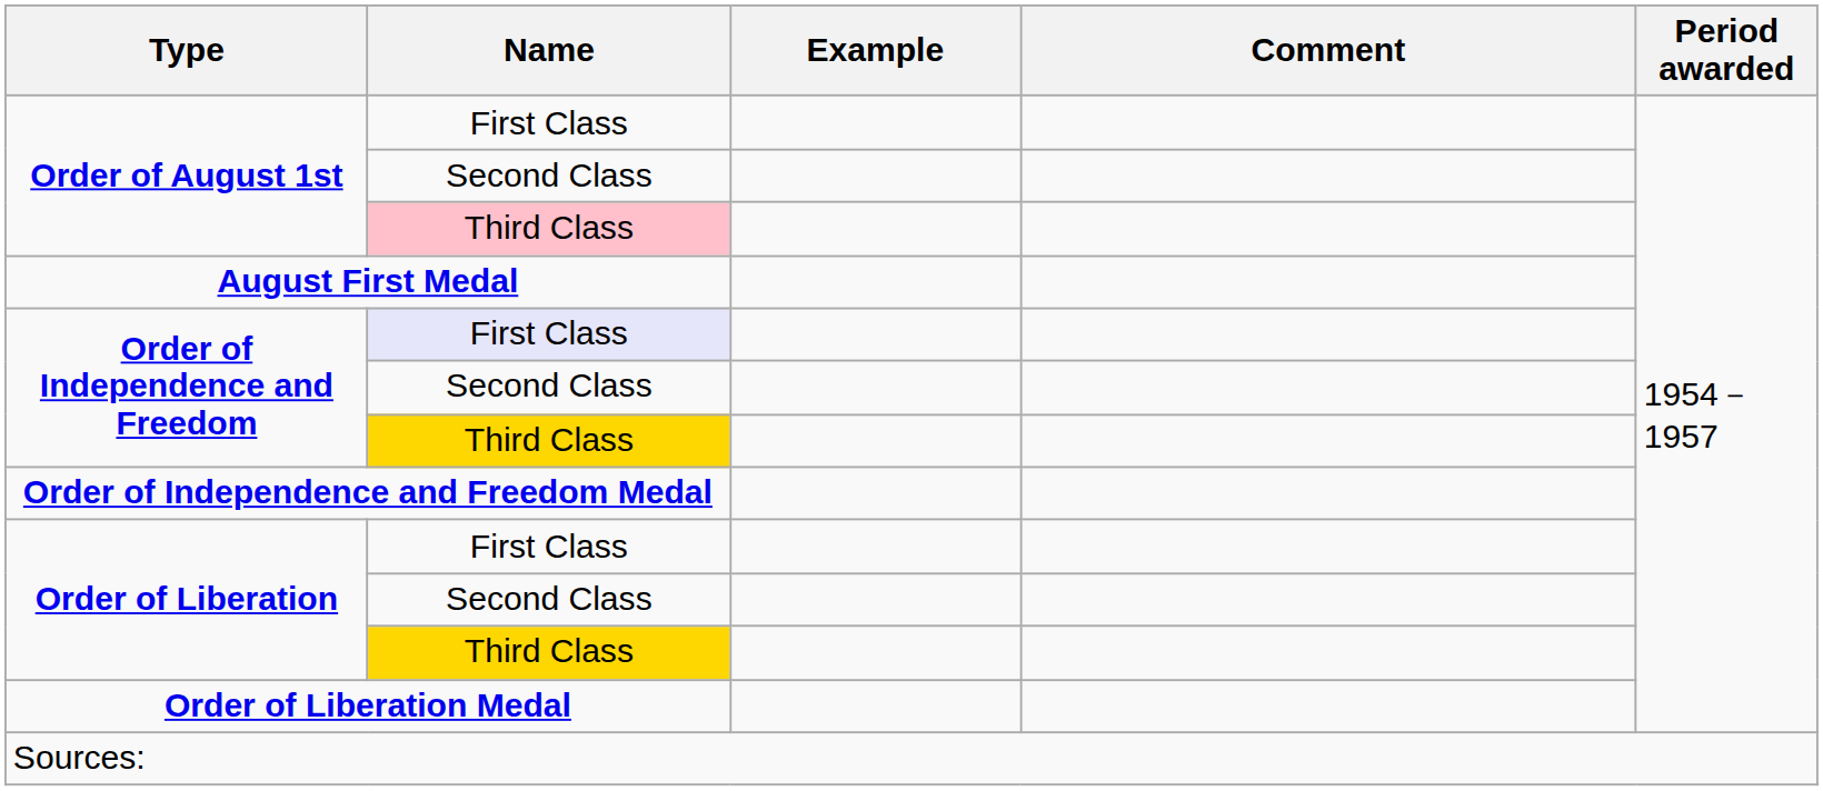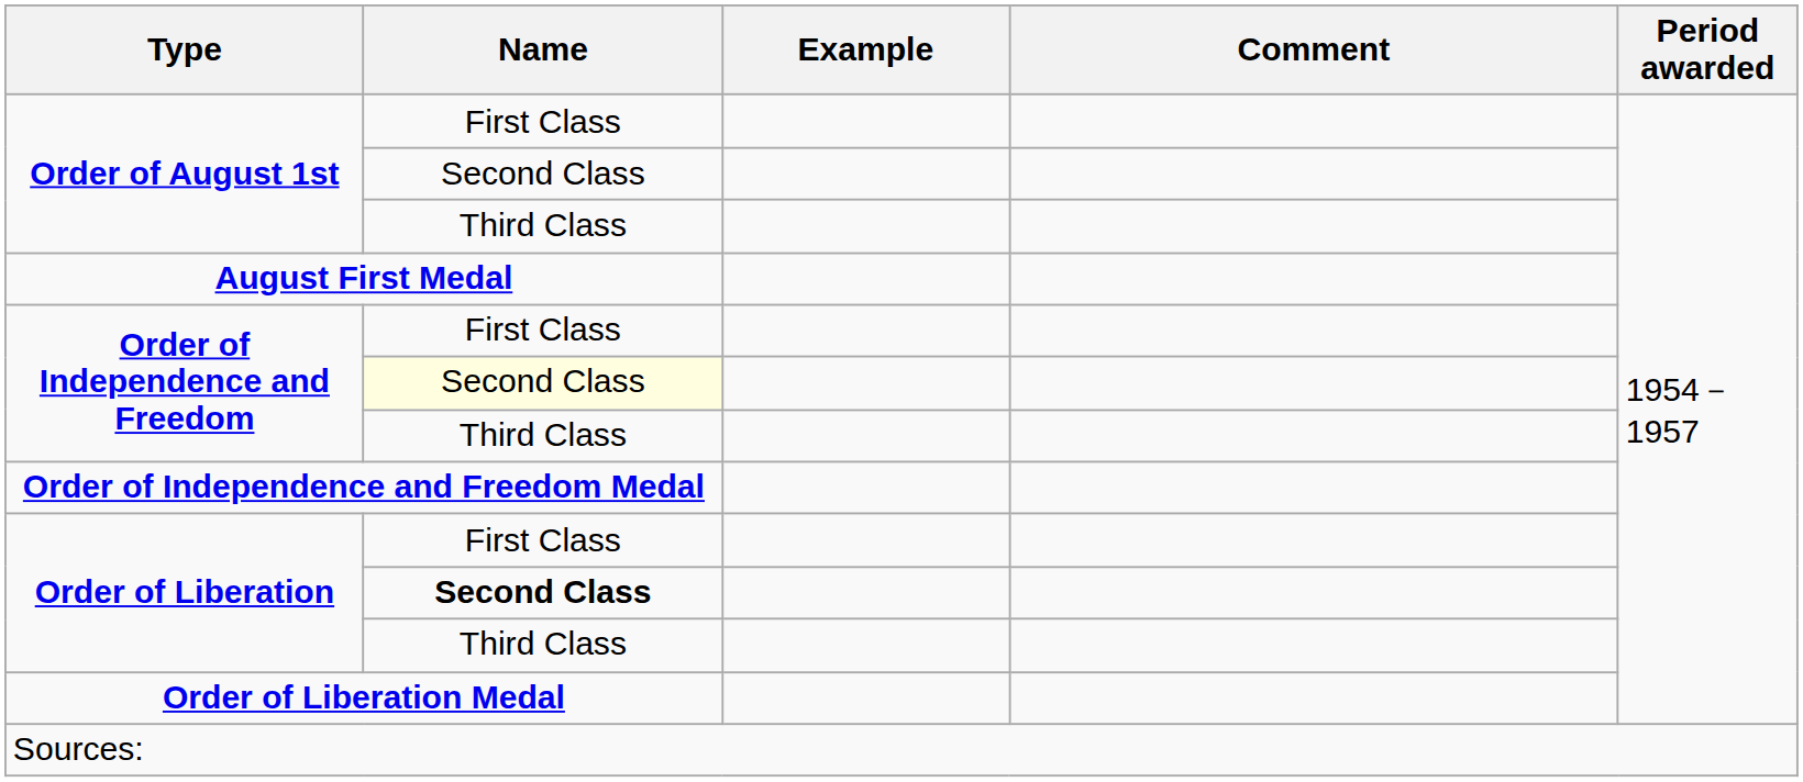 <table class="wikitable">
 <tr>
 <th width="20%">Type</th>
 <th width="20%">Name</th>
 <th width="16%">Example</th>
 <th>Comment</th>
 <th width="10%">Period awarded</th>
 </tr>
 <tr>
 <td rowspan=3 style="text-align: center;"><strong><a href='#'>Order of August 1st</a></strong></td>
 <td style="text-align: center;">First Class</td>
 <td></td>
 <td></td>
 <td rowspan=12>1954－1957</td>
 </tr>
 <tr>
 <td style="text-align: center;">Second Class</td>
 <td></td>
 <td></td>
 </tr>
 <tr>
-<td style="background: pink; text-align: center;">Third Class</td>
+<td style="text-align: center;">Third Class</td>
 <td></td>
 <td></td>
 </tr>
 <tr>
 <td colspan=2 style="text-align: center;"><strong><a href='#'>August First Medal</a></strong></td>
 <td></td>
 <td></td>
 </tr>
 <tr>
 <td rowspan=3 style="text-align: center;"><strong><a href='#'>Order of Independence and Freedom</a></strong></td>
-<td style="background: lavender; text-align: center;">First Class</td>
+<td style="text-align: center;">First Class</td>
 <td></td>
 <td></td>
 </tr>
 <tr>
-<td style="text-align: center;">Second Class</td>
+<td style="background: lightyellow; text-align: center;">Second Class</td>
 <td></td>
 <td></td>
 </tr>
 <tr>
-<td style="background: gold; text-align: center;">Third Class</td>
+<td style="text-align: center;">Third Class</td>
 <td></td>
 <td></td>
 </tr>
 <tr>
 <td colspan=2 style="text-align: center;"><strong><a href='#'>Order of Independence and Freedom Medal</a></strong></td>
 <td></td>
 <td></td>
 </tr>
 <tr>
 <td rowspan=3 style="text-align: center;"><strong><a href='#'>Order of Liberation</a></strong></td>
 <td style="text-align: center;">First Class</td>
 <td></td>
 <td></td>
 </tr>
 <tr>
-<td style="text-align: center;">Second Class</td>
+<td style="text-align: center;"><strong>Second Class</strong></td>
 <td></td>
 <td></td>
 </tr>
 <tr>
-<td style="background: gold; text-align: center;">Third Class</td>
+<td style="text-align: center;">Third Class</td>
 <td></td>
 <td></td>
 </tr>
 <tr>
 <td colspan=2 style="text-align: center;"><strong><a href='#'>Order of Liberation Medal</a></strong></td>
 <td></td>
 <td></td>
 </tr>
 <tr>
 <td colspan="5">Sources:</td>
 </tr>
 </table>
